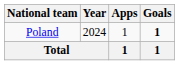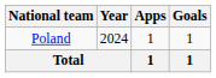 <table class="wikitable" style="text-align:center">
 <tr>
 <th>National team</th>
 <th>Year</th>
 <th>Apps</th>
 <th>Goals</th>
 </tr>
 <tr>
 <td rowspan="1"><a href='#'>Poland</a></td>
 <td>2024</td>
 <td>1</td>
-<td><strong>1</strong></td>
+<td>1</td>
 </tr>
 <tr>
 <th colspan="2">Total</th>
 <th>1</th>
 <th>1</th>
 </tr>
 </table>
